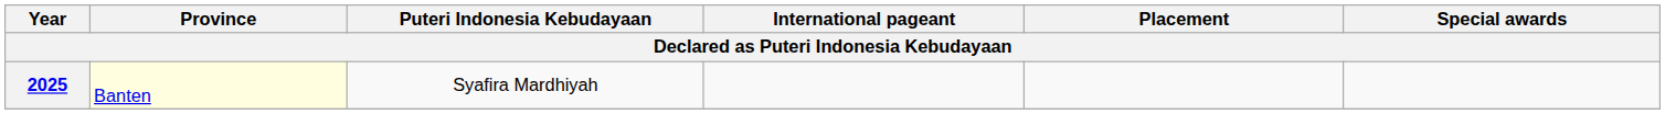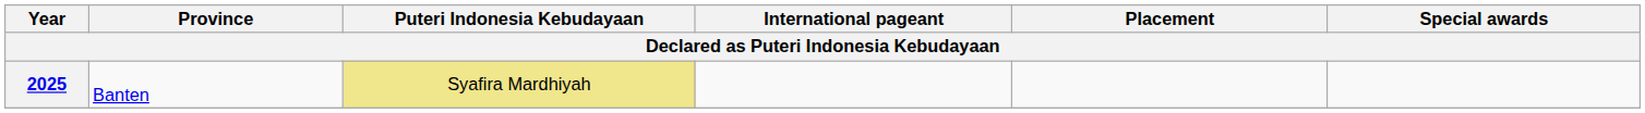 <table class="wikitable" style="font-size: 85%; text-align:center">
 <tr colspan=10 align="center">
 <th width="60">Year</th>
 <th width="200">Province</th>
 <th width="280">Puteri Indonesia Kebudayaan</th>
 <th width="250">International pageant</th>
 <th width="250">Placement</th>
 <th width="250">Special awards</th>
 </tr>
 <tr>
 <th colspan="7">Declared as Puteri Indonesia Kebudayaan</th>
 </tr>
 <tr>
 <th><a href='#'>2025</a></th>
-<td align="left" style="background: lightyellow;"><br><a href='#'>Banten</a></td>
-<td>Syafira Mardhiyah</td>
+<td align="left"><br><a href='#'>Banten</a></td>
+<td style="background: khaki;">Syafira Mardhiyah</td>
 <td></td>
 <td></td>
 <td></td>
 </tr>
 <tr>
 </tr>
 </table>
